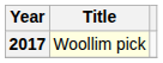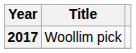 <table class="wikitable sortable plainrowheaders">
 <tr>
 <th scope="col">Year</th>
 <th scope="col">Title</th>
 <th scope="col" class="unsortable"></th>
 </tr>
 <tr>
 <th scope="row">2017</th>
-<td style="background: lightyellow;">Woollim pick</td>
+<td>Woollim pick</td>
 <td style="text-align: center"></td>
 </tr>
 <tr>
 </tr>
 </table>
